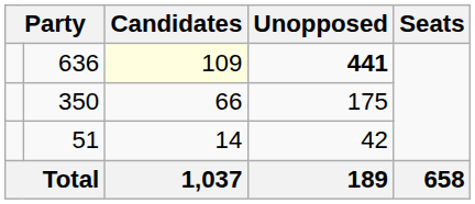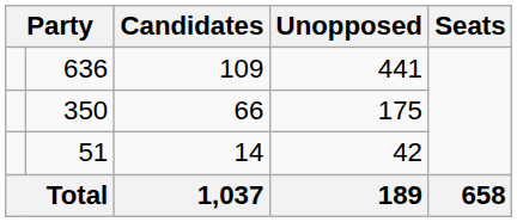 <table class="wikitable">
 <tr>
 <th colspan=2>Party</th>
 <th>Candidates</th>
 <th>Unopposed</th>
 <th>Seats</th>
 </tr>
 <tr>
 <td></td>
 <td align=right>636</td>
-<td align=right style="background: lightyellow;">109</td>
-<td align=right><strong>441</strong></td>
+<td align=right>109</td>
+<td align=right>441</td>
 </tr>
 <tr>
 <td></td>
 <td align=right>350</td>
 <td align=right>66</td>
 <td align=right>175</td>
 </tr>
 <tr>
 <td></td>
 <td align=right>51</td>
 <td align=right>14</td>
 <td align=right>42</td>
 </tr>
 <tr class="sortbottom" style="font-weight: bold; text-align: right; background: #f2f2f2;">
 <th colspan="2" style="padding-left: 1.5em; text-align: left;">Total</th>
 <td>1,037</td>
 <td>189</td>
 <td>658</td>
 </tr>
 </table>
